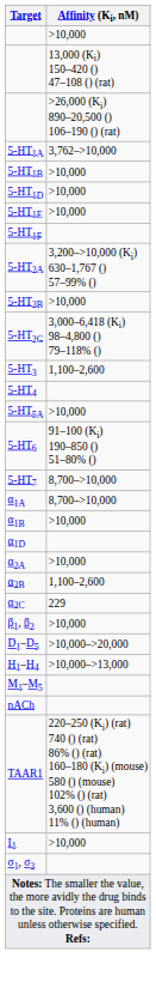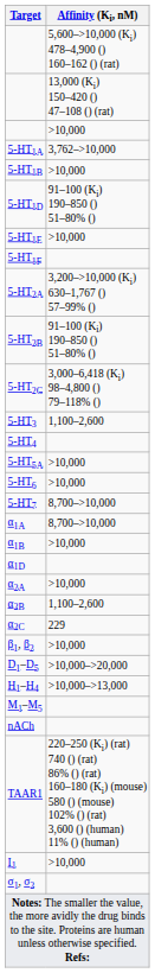 <table class="wikitable floatleft" style="font-size:small;">
 <tr>
 <th><a href='#'>Target</a></th>
 <th><a href='#'>Affinity</a> (K<sub>i</sub>, nM)</th>
 </tr>
 <tr>
 <td></td>
-<td>>10,000</td>
+<td>5,600–>10,000 (K<sub>i</sub>)<br>478–4,900 ()<br>160–162 () (rat)</td>
 </tr>
 <tr>
 <td></td>
 <td>13,000 (K<sub>i</sub>)<br>150–420 ()<br>47–108 () (rat)</td>
 </tr>
 <tr>
 <td></td>
-<td>>26,000 (K<sub>i</sub>)<br>890–20,500 ()<br>106–190 () (rat)</td>
+<td>>10,000</td>
 </tr>
 <tr>
 <td><a href='#'>5-HT<sub>1A</sub></a></td>
 <td>3,762–>10,000</td>
 </tr>
 <tr>
 <td><a href='#'>5-HT<sub>1B</sub></a></td>
 <td>>10,000</td>
 </tr>
 <tr>
 <td><a href='#'>5-HT<sub>1D</sub></a></td>
-<td>>10,000</td>
+<td>91–100 (K<sub>i</sub>)<br>190–850 ()<br>51–80% ()</td>
 </tr>
 <tr>
 <td><a href='#'>5-HT<sub>1E</sub></a></td>
 <td>>10,000</td>
 </tr>
 <tr>
 <td><a href='#'>5-HT<sub>1F</sub></a></td>
 <td></td>
 </tr>
 <tr>
 <td><a href='#'>5-HT<sub>2A</sub></a></td>
 <td>3,200–>10,000 (K<sub>i</sub>)<br>630–1,767 ()<br>57–99% ()</td>
 </tr>
 <tr>
 <td><a href='#'>5-HT<sub>2B</sub></a></td>
-<td>>10,000</td>
+<td>91–100 (K<sub>i</sub>)<br>190–850 ()<br>51–80% ()</td>
 </tr>
 <tr>
 <td><a href='#'>5-HT<sub>2C</sub></a></td>
 <td>3,000–6,418 (K<sub>i</sub>)<br>98–4,800 ()<br>79–118% ()</td>
 </tr>
 <tr>
 <td><a href='#'>5-HT<sub>3</sub></a></td>
 <td>1,100–2,600</td>
 </tr>
 <tr>
 <td><a href='#'>5-HT<sub>4</sub></a></td>
 <td></td>
 </tr>
 <tr>
 <td><a href='#'>5-HT<sub>5A</sub></a></td>
 <td>>10,000</td>
 </tr>
 <tr>
 <td><a href='#'>5-HT<sub>6</sub></a></td>
-<td>91–100 (K<sub>i</sub>)<br>190–850 ()<br>51–80% ()</td>
+<td>>10,000</td>
 </tr>
 <tr>
 <td><a href='#'>5-HT<sub>7</sub></a></td>
 <td>8,700–>10,000</td>
 </tr>
 <tr>
 <td><a href='#'>α<sub>1A</sub></a></td>
 <td>8,700–>10,000</td>
 </tr>
 <tr>
 <td><a href='#'>α<sub>1B</sub></a></td>
 <td>>10,000</td>
 </tr>
 <tr>
 <td><a href='#'>α<sub>1D</sub></a></td>
 <td></td>
 </tr>
 <tr>
 <td><a href='#'>α<sub>2A</sub></a></td>
 <td>>10,000</td>
 </tr>
 <tr>
 <td><a href='#'>α<sub>2B</sub></a></td>
 <td>1,100–2,600</td>
 </tr>
 <tr>
 <td><a href='#'>α<sub>2C</sub></a></td>
 <td>229</td>
 </tr>
 <tr>
 <td><a href='#'>β<sub>1</sub></a>, <a href='#'>β<sub>2</sub></a></td>
 <td>>10,000</td>
 </tr>
 <tr>
 <td><a href='#'>D<sub>1</sub></a>–<a href='#'>D<sub>5</sub></a></td>
 <td>>10,000–>20,000</td>
 </tr>
 <tr>
 <td><a href='#'>H<sub>1</sub></a>–<a href='#'>H<sub>4</sub></a></td>
 <td>>10,000–>13,000 </td>
 </tr>
 <tr>
 <td><a href='#'>M<sub>1</sub></a>–<a href='#'>M<sub>5</sub></a></td>
 <td></td>
 </tr>
 <tr>
 <td><a href='#'>nACh</a></td>
 <td></td>
 </tr>
 <tr>
 <td><a href='#'>TAAR1</a></td>
 <td>220–250 (K<sub>i</sub>) (rat)<br>740  () (rat)<br>86% () (rat)<br>160–180 (K<sub>i</sub>) (mouse)<br>580 () (mouse)<br>102% () (rat)<br>3,600 () (human)<br>11% () (human)</td>
 </tr>
 <tr>
 <td><a href='#'>I<sub>1</sub></a></td>
 <td>>10,000</td>
 </tr>
 <tr>
 <td><a href='#'>σ<sub>1</sub></a>, <a href='#'>σ<sub>2</sub></a></td>
 <td></td>
 </tr>
 <tr class="sortbottom">
 <td colspan="2" style="width: 1px; background-color:#eaecf0; text-align: center;"><strong>Notes:</strong> The smaller the value, the more avidly the drug binds to the site. Proteins are human unless otherwise specified. <strong>Refs:</strong> </td>
 </tr>
 </table>
